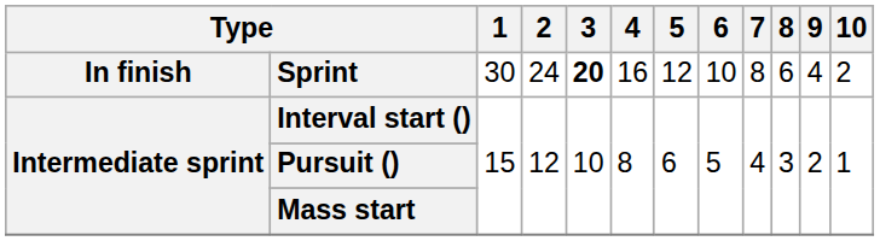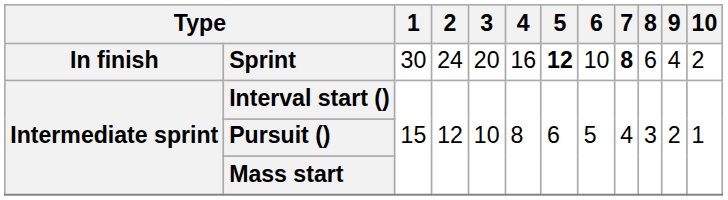 <table class="wikitable plainrowheaders" style="background:#fff; font-size:86%; line-height:16px; border:grey solid 1px; border-collapse:collapse;">
 <tr>
 <th scope="col" colspan="2">Type</th>
 <th scope="col">1</th>
 <th scope="col">2</th>
 <th scope="col">3</th>
 <th scope="col">4</th>
 <th scope="col">5</th>
 <th scope="col">6</th>
 <th scope="col">7</th>
 <th scope="col">8</th>
 <th scope="col">9</th>
 <th scope="col">10</th>
 </tr>
 <tr>
 <th scope="row">In finish</th>
 <th scope="row" style="text-align:left;">Sprint</th>
 <td>30</td>
 <td>24</td>
-<td><strong>20</strong></td>
+<td>20</td>
 <td>16</td>
-<td>12</td>
+<td><strong>12</strong></td>
 <td>10</td>
-<td>8</td>
+<td><strong>8</strong></td>
 <td>6</td>
 <td>4</td>
 <td>2</td>
 </tr>
 <tr>
 <th scope="row" rowspan=3>Intermediate sprint</th>
 <th scope="row"  style="text-align:left;">Interval start ()</th>
 <td rowspan=3>15</td>
 <td rowspan=3>12</td>
 <td rowspan=3>10</td>
 <td rowspan=3>8</td>
 <td rowspan=3>6</td>
 <td rowspan=3>5</td>
 <td rowspan=3>4</td>
 <td rowspan=3>3</td>
 <td rowspan=3>2</td>
 <td rowspan=3>1</td>
 </tr>
 <tr>
 <th scope="row" style="text-align:left;">Pursuit ()</th>
 </tr>
 <tr>
 <th scope="row" style="text-align:left;">Mass start</th>
 </tr>
 <tr>
 </tr>
 </table>
